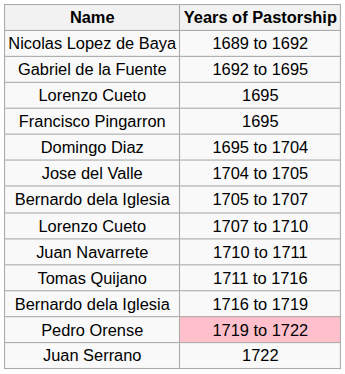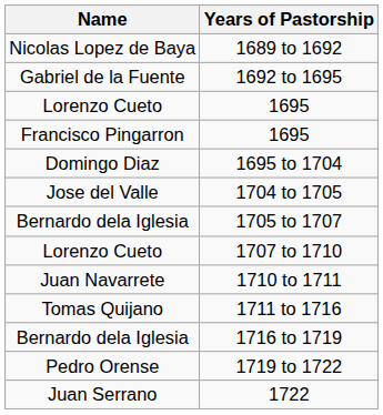 <table class="wikitable" style="text-align:center; font-size:95%;">
 <tr>
 <th>Name</th>
 <th>Years of Pastorship</th>
 </tr>
 <tr>
 <td>Nicolas Lopez de Baya</td>
 <td>1689 to 1692</td>
 </tr>
 <tr>
 <td>Gabriel de la Fuente</td>
 <td>1692 to 1695</td>
 </tr>
 <tr>
 <td>Lorenzo Cueto</td>
 <td>1695</td>
 </tr>
 <tr>
 <td>Francisco Pingarron</td>
 <td>1695</td>
 </tr>
 <tr>
 <td>Domingo Diaz</td>
 <td>1695 to 1704</td>
 </tr>
 <tr>
 <td>Jose del Valle</td>
 <td>1704 to 1705</td>
 </tr>
 <tr>
 <td>Bernardo dela Iglesia</td>
 <td>1705 to 1707</td>
 </tr>
 <tr>
 <td>Lorenzo Cueto</td>
 <td>1707 to 1710</td>
 </tr>
 <tr>
 <td>Juan Navarrete</td>
 <td>1710 to 1711</td>
 </tr>
 <tr>
 <td>Tomas Quijano</td>
 <td>1711 to 1716</td>
 </tr>
 <tr>
 <td>Bernardo dela Iglesia</td>
 <td>1716 to 1719</td>
 </tr>
 <tr>
 <td>Pedro Orense</td>
-<td style="background: pink;">1719 to 1722</td>
+<td>1719 to 1722</td>
 </tr>
 <tr>
 <td>Juan  Serrano</td>
 <td>1722</td>
 </tr>
 </table>
